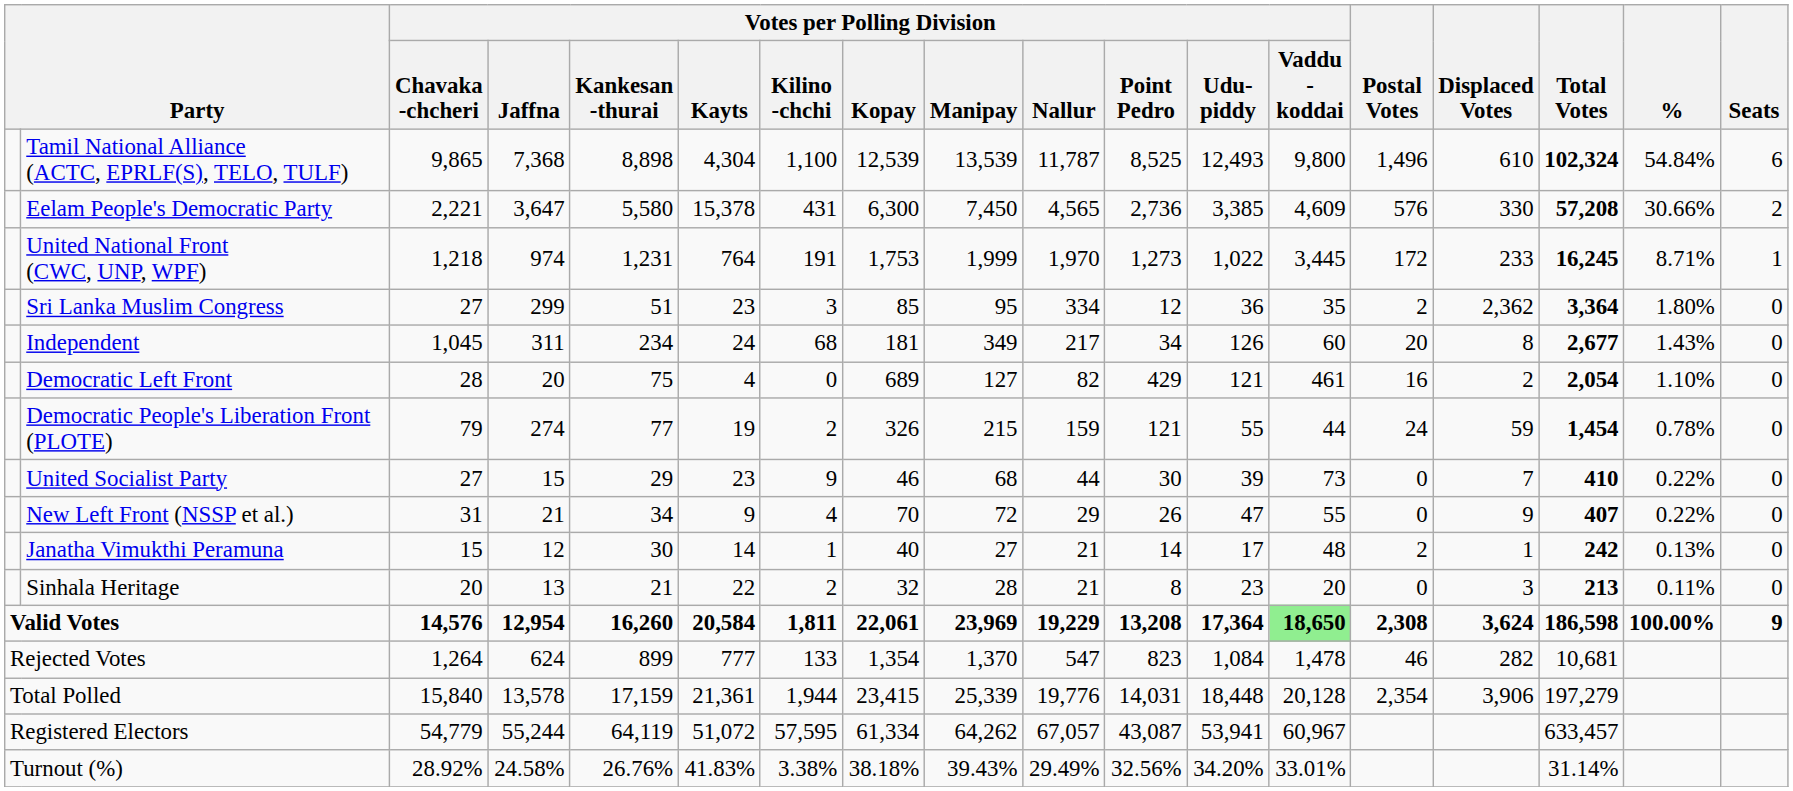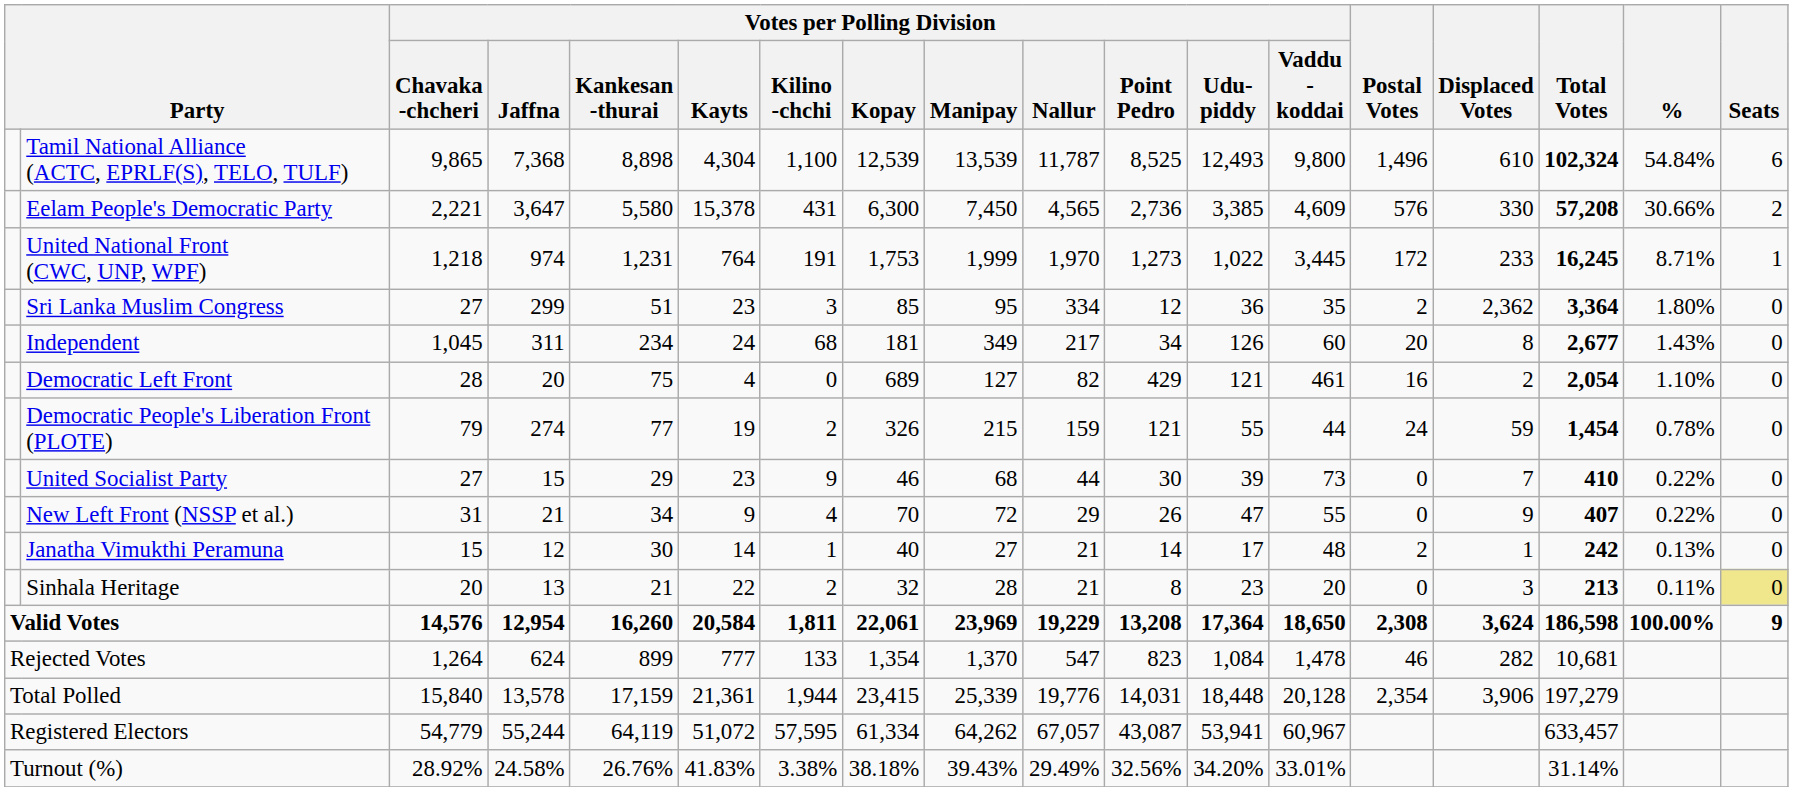 <table class="wikitable" border="1" style="text-align:right;">
 <tr>
 <th align=left valign=bottom rowspan=2 colspan=2>Party</th>
 <th colspan=11>Votes per Polling Division</th>
 <th align=center valign=bottom rowspan=2 width="50">Postal<br>Votes</th>
 <th align=center valign=bottom rowspan=2 width="50">Displaced<br>Votes</th>
 <th align=center valign=bottom rowspan=2 width="50">Total Votes</th>
 <th align=center valign=bottom rowspan=2 width="50">%</th>
 <th align=center valign=bottom rowspan=2 width="40">Seats</th>
 </tr>
 <tr>
 <th align=center valign=bottom width="50">Chavaka<br>-chcheri</th>
 <th align=center valign=bottom width="50">Jaffna</th>
 <th align=center valign=bottom width="50">Kankesan<br>-thurai</th>
 <th align=center valign=bottom width="50">Kayts</th>
 <th align=center valign=bottom width="50">Kilino<br>-chchi</th>
 <th align=center valign=bottom width="50">Kopay</th>
 <th align=center valign=bottom width="50">Manipay</th>
 <th align=center valign=bottom width="50">Nallur</th>
 <th align=center valign=bottom width="50">Point<br>Pedro</th>
 <th align=center valign=bottom width="50">Udu-<br>piddy</th>
 <th align=center valign=bottom width="50">Vaddu<br>-koddai</th>
 </tr>
 <tr>
 <td bgcolor=> </td>
 <td align=left><a href='#'>Tamil National Alliance</a><br>(<a href='#'>ACTC</a>, <a href='#'>EPRLF(S)</a>, <a href='#'>TELO</a>, <a href='#'>TULF</a>)</td>
 <td>9,865</td>
 <td>7,368</td>
 <td>8,898</td>
 <td>4,304</td>
 <td>1,100</td>
 <td>12,539</td>
 <td>13,539</td>
 <td>11,787</td>
 <td>8,525</td>
 <td>12,493</td>
 <td>9,800</td>
 <td>1,496</td>
 <td>610</td>
 <td><strong>102,324</strong></td>
 <td>54.84%</td>
 <td>6</td>
 </tr>
 <tr>
 <td bgcolor=> </td>
 <td align=left><a href='#'>Eelam People's Democratic Party</a></td>
 <td>2,221</td>
 <td>3,647</td>
 <td>5,580</td>
 <td>15,378</td>
 <td>431</td>
 <td>6,300</td>
 <td>7,450</td>
 <td>4,565</td>
 <td>2,736</td>
 <td>3,385</td>
 <td>4,609</td>
 <td>576</td>
 <td>330</td>
 <td><strong>57,208</strong></td>
 <td>30.66%</td>
 <td>2</td>
 </tr>
 <tr>
 <td bgcolor=> </td>
 <td align=left><a href='#'>United National Front</a><br>(<a href='#'>CWC</a>, <a href='#'>UNP</a>, <a href='#'>WPF</a>)</td>
 <td>1,218</td>
 <td>974</td>
 <td>1,231</td>
 <td>764</td>
 <td>191</td>
 <td>1,753</td>
 <td>1,999</td>
 <td>1,970</td>
 <td>1,273</td>
 <td>1,022</td>
 <td>3,445</td>
 <td>172</td>
 <td>233</td>
 <td><strong>16,245</strong></td>
 <td>8.71%</td>
 <td>1</td>
 </tr>
 <tr>
 <td bgcolor=> </td>
 <td align=left><a href='#'>Sri Lanka Muslim Congress</a></td>
 <td>27</td>
 <td>299</td>
 <td>51</td>
 <td>23</td>
 <td>3</td>
 <td>85</td>
 <td>95</td>
 <td>334</td>
 <td>12</td>
 <td>36</td>
 <td>35</td>
 <td>2</td>
 <td>2,362</td>
 <td><strong>3,364</strong></td>
 <td>1.80%</td>
 <td>0</td>
 </tr>
 <tr>
 <td bgcolor=> </td>
 <td align=left><a href='#'>Independent</a></td>
 <td>1,045</td>
 <td>311</td>
 <td>234</td>
 <td>24</td>
 <td>68</td>
 <td>181</td>
 <td>349</td>
 <td>217</td>
 <td>34</td>
 <td>126</td>
 <td>60</td>
 <td>20</td>
 <td>8</td>
 <td><strong>2,677</strong></td>
 <td>1.43%</td>
 <td>0</td>
 </tr>
 <tr>
 <td bgcolor=> </td>
 <td align=left><a href='#'>Democratic Left Front</a></td>
 <td>28</td>
 <td>20</td>
 <td>75</td>
 <td>4</td>
 <td>0</td>
 <td>689</td>
 <td>127</td>
 <td>82</td>
 <td>429</td>
 <td>121</td>
 <td>461</td>
 <td>16</td>
 <td>2</td>
 <td><strong>2,054</strong></td>
 <td>1.10%</td>
 <td>0</td>
 </tr>
 <tr>
 <td bgcolor=> </td>
 <td align=left><a href='#'>Democratic People's Liberation Front</a> (<a href='#'>PLOTE</a>)</td>
 <td>79</td>
 <td>274</td>
 <td>77</td>
 <td>19</td>
 <td>2</td>
 <td>326</td>
 <td>215</td>
 <td>159</td>
 <td>121</td>
 <td>55</td>
 <td>44</td>
 <td>24</td>
 <td>59</td>
 <td><strong>1,454</strong></td>
 <td>0.78%</td>
 <td>0</td>
 </tr>
 <tr>
 <td bgcolor=> </td>
 <td align=left><a href='#'>United Socialist Party</a></td>
 <td>27</td>
 <td>15</td>
 <td>29</td>
 <td>23</td>
 <td>9</td>
 <td>46</td>
 <td>68</td>
 <td>44</td>
 <td>30</td>
 <td>39</td>
 <td>73</td>
 <td>0</td>
 <td>7</td>
 <td><strong>410</strong></td>
 <td>0.22%</td>
 <td>0</td>
 </tr>
 <tr>
 <td bgcolor=> </td>
 <td align=left><a href='#'>New Left Front</a> (<a href='#'>NSSP</a> et al.)</td>
 <td>31</td>
 <td>21</td>
 <td>34</td>
 <td>9</td>
 <td>4</td>
 <td>70</td>
 <td>72</td>
 <td>29</td>
 <td>26</td>
 <td>47</td>
 <td>55</td>
 <td>0</td>
 <td>9</td>
 <td><strong>407</strong></td>
 <td>0.22%</td>
 <td>0</td>
 </tr>
 <tr>
 <td bgcolor=> </td>
 <td align=left><a href='#'>Janatha Vimukthi Peramuna</a></td>
 <td>15</td>
 <td>12</td>
 <td>30</td>
 <td>14</td>
 <td>1</td>
 <td>40</td>
 <td>27</td>
 <td>21</td>
 <td>14</td>
 <td>17</td>
 <td>48</td>
 <td>2</td>
 <td>1</td>
 <td><strong>242</strong></td>
 <td>0.13%</td>
 <td>0</td>
 </tr>
 <tr>
 <td></td>
 <td align=left>Sinhala Heritage</td>
 <td>20</td>
 <td>13</td>
 <td>21</td>
 <td>22</td>
 <td>2</td>
 <td>32</td>
 <td>28</td>
 <td>21</td>
 <td>8</td>
 <td>23</td>
 <td>20</td>
 <td>0</td>
 <td>3</td>
 <td><strong>213</strong></td>
 <td>0.11%</td>
-<td>0</td>
+<td style="background: khaki;">0</td>
 </tr>
 <tr>
 <td align=left colspan=2><strong>Valid Votes</strong></td>
 <td><strong>14,576</strong></td>
 <td><strong>12,954</strong></td>
 <td><strong>16,260</strong></td>
 <td><strong>20,584</strong></td>
 <td><strong>1,811</strong></td>
 <td><strong>22,061</strong></td>
 <td><strong>23,969</strong></td>
 <td><strong>19,229</strong></td>
 <td><strong>13,208</strong></td>
 <td><strong>17,364</strong></td>
-<td style="background: lightgreen;"><strong>18,650</strong></td>
+<td><strong>18,650</strong></td>
 <td><strong>2,308</strong></td>
 <td><strong>3,624</strong></td>
 <td><strong>186,598</strong></td>
 <td><strong>100.00%</strong></td>
 <td><strong>9</strong></td>
 </tr>
 <tr>
 <td align=left colspan=2>Rejected Votes</td>
 <td>1,264</td>
 <td>624</td>
 <td>899</td>
 <td>777</td>
 <td>133</td>
 <td>1,354</td>
 <td>1,370</td>
 <td>547</td>
 <td>823</td>
 <td>1,084</td>
 <td>1,478</td>
 <td>46</td>
 <td>282</td>
 <td>10,681</td>
 <td></td>
 <td></td>
 </tr>
 <tr>
 <td align=left colspan=2>Total Polled</td>
 <td>15,840</td>
 <td>13,578</td>
 <td>17,159</td>
 <td>21,361</td>
 <td>1,944</td>
 <td>23,415</td>
 <td>25,339</td>
 <td>19,776</td>
 <td>14,031</td>
 <td>18,448</td>
 <td>20,128</td>
 <td>2,354</td>
 <td>3,906</td>
 <td>197,279</td>
 <td></td>
 <td></td>
 </tr>
 <tr>
 <td align=left colspan=2>Registered Electors</td>
 <td>54,779</td>
 <td>55,244</td>
 <td>64,119</td>
 <td>51,072</td>
 <td>57,595</td>
 <td>61,334</td>
 <td>64,262</td>
 <td>67,057</td>
 <td>43,087</td>
 <td>53,941</td>
 <td>60,967</td>
 <td></td>
 <td></td>
 <td>633,457</td>
 <td></td>
 <td></td>
 </tr>
 <tr>
 <td align=left colspan=2>Turnout (%)</td>
 <td>28.92%</td>
 <td>24.58%</td>
 <td>26.76%</td>
 <td>41.83%</td>
 <td>3.38%</td>
 <td>38.18%</td>
 <td>39.43%</td>
 <td>29.49%</td>
 <td>32.56%</td>
 <td>34.20%</td>
 <td>33.01%</td>
 <td></td>
 <td></td>
 <td>31.14%</td>
 <td></td>
 <td></td>
 </tr>
 </table>
